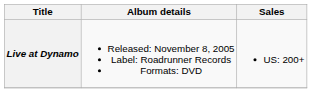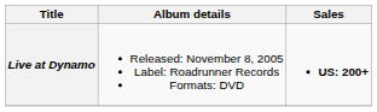 <table class="wikitable plainrowheaders" style="text-align:center;">
 <tr>
 <th scope="col">Title</th>
 <th scope="col">Album details</th>
 <th scope="col">Sales</th>
 </tr>
 <tr>
 <th scope="row"><em>Live at Dynamo</em></th>
 <td><br><ul><li>Released: November 8, 2005</li><li>Label: Roadrunner Records</li><li>Formats: DVD</li></ul></td>
-<td><br><ul><li>US: 200+</li></ul></td>
+<td><strong><br><ul><li>US: 200+</li></ul></strong></td>
 </tr>
 <tr>
 </tr>
 </table>
